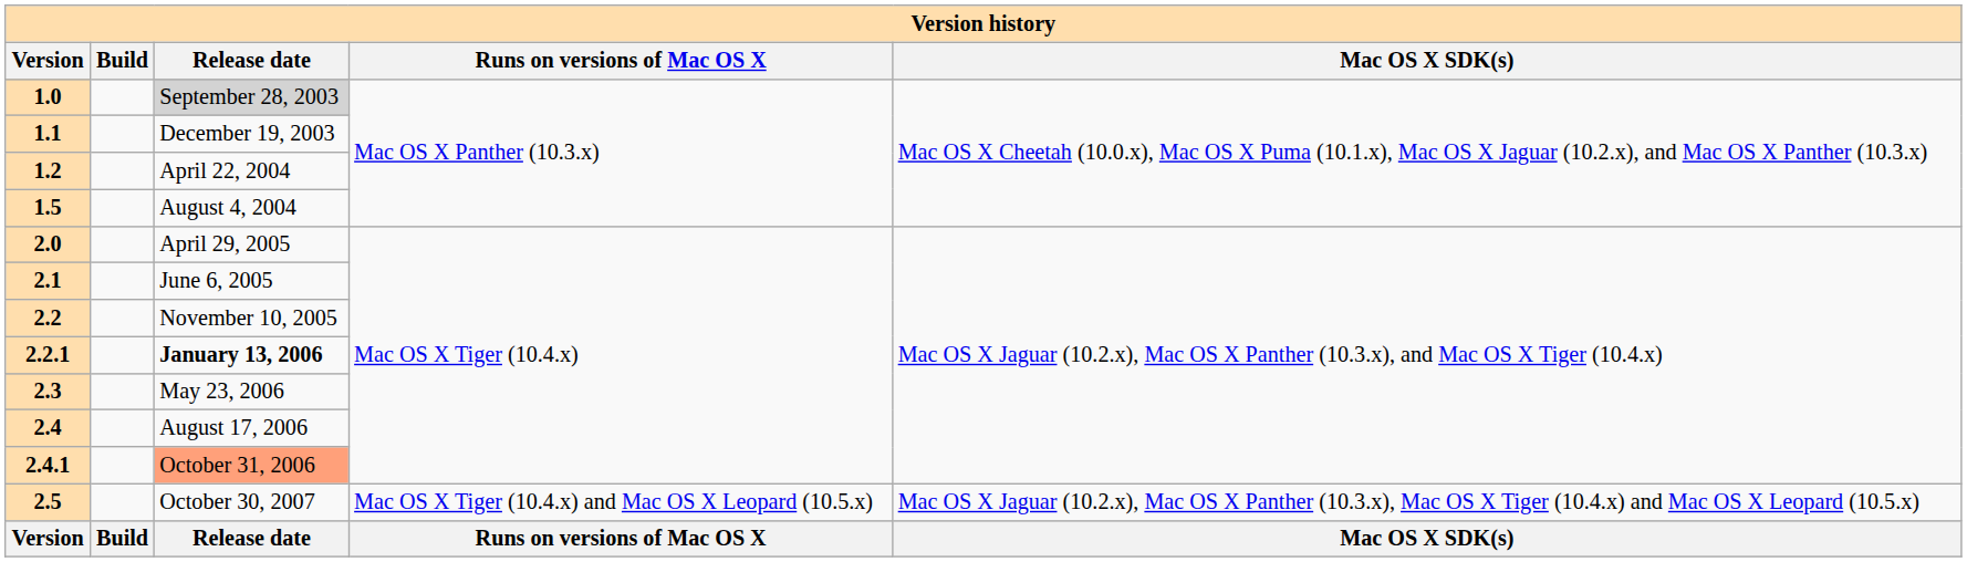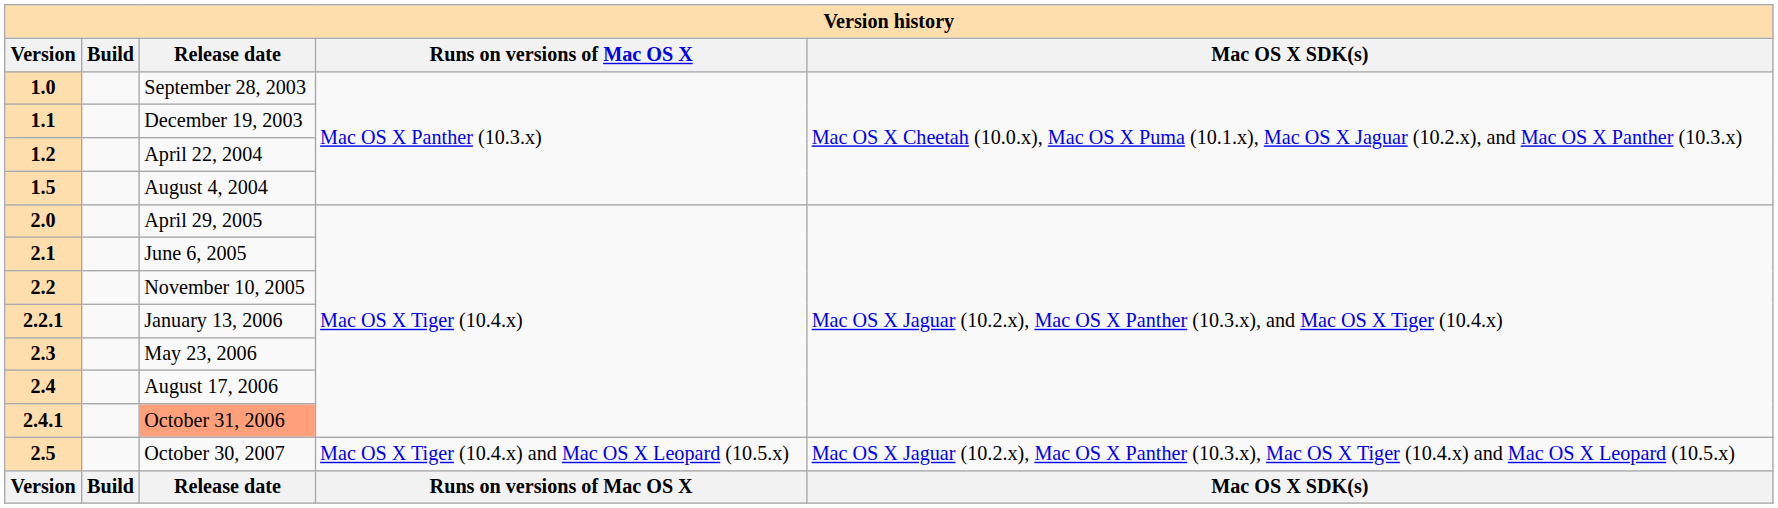 <table class="wikitable collapsible collapsed" style="width:100%; font-size:90%;">
 <tr>
 <th style="background: #ffdead; text-align:center;" colspan="9">Version history</th>
 </tr>
 <tr>
 <th>Version</th>
 <th>Build</th>
 <th>Release date</th>
 <th>Runs on versions of <a href='#'>Mac OS X</a></th>
 <th>Mac OS X SDK(s)</th>
 </tr>
 <tr>
 <th style="background:#ffdead; white-space:nowrap;">1.0</th>
 <td></td>
-<td style="background: lightgrey;">September 28, 2003</td>
+<td>September 28, 2003</td>
 <td rowspan="4"><a href='#'>Mac OS X Panther</a> (10.3.x)</td>
 <td rowspan="4"><a href='#'>Mac OS X Cheetah</a> (10.0.x), <a href='#'>Mac OS X Puma</a> (10.1.x), <a href='#'>Mac OS X Jaguar</a> (10.2.x), and <a href='#'>Mac OS X Panther</a> (10.3.x)</td>
 </tr>
 <tr>
 <th style="background:#ffdead; white-space:nowrap;">1.1</th>
 <td></td>
 <td>December 19, 2003</td>
 </tr>
 <tr>
 <th style="background:#ffdead; white-space:nowrap;">1.2</th>
 <td></td>
 <td>April 22, 2004</td>
 </tr>
 <tr>
 <th style="background:#ffdead; white-space:nowrap;">1.5</th>
 <td></td>
 <td>August 4, 2004</td>
 </tr>
 <tr>
 <th style="background:#ffdead; white-space:nowrap;">2.0</th>
 <td></td>
 <td>April 29, 2005</td>
 <td rowspan="7"><a href='#'>Mac OS X Tiger</a> (10.4.x)</td>
 <td rowspan="7"><a href='#'>Mac OS X Jaguar</a> (10.2.x), <a href='#'>Mac OS X Panther</a> (10.3.x), and <a href='#'>Mac OS X Tiger</a> (10.4.x)</td>
 </tr>
 <tr>
 <th style="background:#ffdead; white-space:nowrap;">2.1</th>
 <td></td>
 <td>June 6, 2005</td>
 </tr>
 <tr>
 <th style="background:#ffdead; white-space:nowrap;">2.2</th>
 <td></td>
 <td>November 10, 2005</td>
 </tr>
 <tr>
 <th style="background:#ffdead; white-space:nowrap;">2.2.1</th>
 <td></td>
-<td><strong>January 13, 2006</strong></td>
+<td>January 13, 2006</td>
 </tr>
 <tr>
 <th style="background:#ffdead; white-space:nowrap;">2.3</th>
 <td></td>
 <td>May 23, 2006</td>
 </tr>
 <tr>
 <th style="background:#ffdead; white-space:nowrap;">2.4</th>
 <td></td>
 <td>August 17, 2006</td>
 </tr>
 <tr>
 <th style="background:#ffdead; white-space:nowrap;">2.4.1</th>
 <td></td>
 <td style="background: lightsalmon;">October 31, 2006</td>
 </tr>
 <tr>
 <th style="background:#ffdead; white-space:nowrap;">2.5</th>
 <td></td>
 <td>October 30, 2007</td>
 <td><a href='#'>Mac OS X Tiger</a> (10.4.x) and <a href='#'>Mac OS X Leopard</a> (10.5.x)</td>
 <td><a href='#'>Mac OS X Jaguar</a> (10.2.x), <a href='#'>Mac OS X Panther</a> (10.3.x), <a href='#'>Mac OS X Tiger</a> (10.4.x) and <a href='#'>Mac OS X Leopard</a> (10.5.x)</td>
 </tr>
 <tr class="sortbottom">
 <th>Version</th>
 <th>Build</th>
 <th>Release date</th>
 <th>Runs on versions of Mac OS X</th>
 <th>Mac OS X SDK(s)</th>
 </tr>
 </table>
